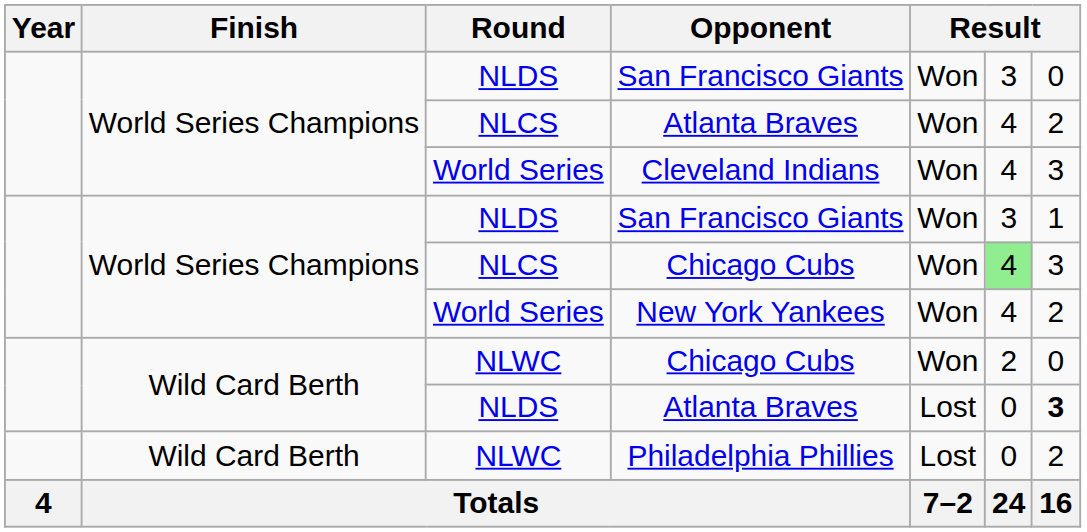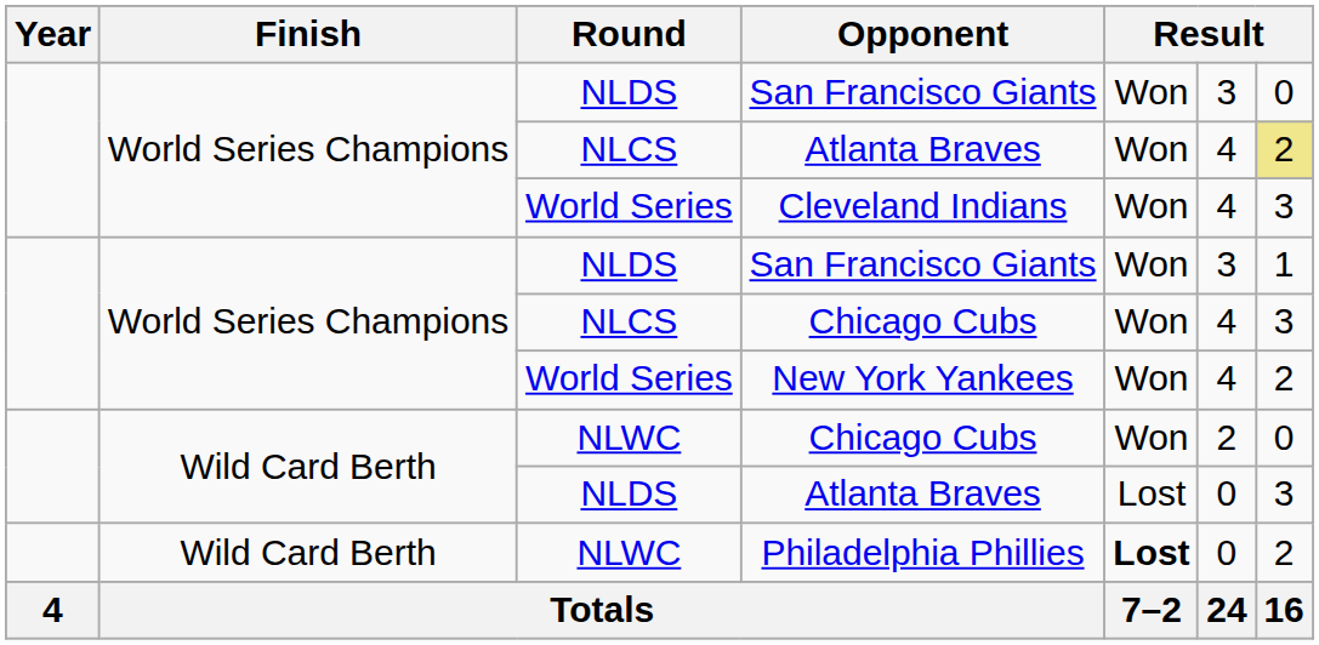 <table class="wikitable">
 <tr>
 <th colspan=1>Year</th>
 <th colspan=1>Finish</th>
 <th colspan=1>Round</th>
 <th colspan=1>Opponent</th>
 <th colspan=3>Result</th>
 </tr>
 <tr>
 <td align="center" rowspan="3"></td>
 <td align="center" rowspan="3">World Series Champions</td>
 <td align="center"><a href='#'>NLDS</a></td>
 <td align="center"><a href='#'>San Francisco Giants</a></td>
 <td align="center">Won</td>
 <td align="center">3</td>
 <td align="center">0</td>
 </tr>
 <tr>
 <td align="center"><a href='#'>NLCS</a></td>
 <td align="center"><a href='#'>Atlanta Braves</a></td>
 <td align="center">Won</td>
 <td align="center">4</td>
-<td align="center">2</td>
+<td align="center" style="background: khaki;">2</td>
 </tr>
 <tr>
 <td align="center"><a href='#'>World Series</a></td>
 <td align="center"><a href='#'>Cleveland Indians</a></td>
 <td align="center">Won</td>
 <td align="center">4</td>
 <td align="center">3</td>
 </tr>
 <tr>
 <td align="center" rowspan="3"></td>
 <td align="center" rowspan="3">World Series Champions</td>
 <td align="center"><a href='#'>NLDS</a></td>
 <td align="center"><a href='#'>San Francisco Giants</a></td>
 <td align="center">Won</td>
 <td align="center">3</td>
 <td align="center">1</td>
 </tr>
 <tr>
 <td align="center"><a href='#'>NLCS</a></td>
 <td align="center"><a href='#'>Chicago Cubs</a></td>
 <td align="center">Won</td>
-<td align="center" style="background: lightgreen;">4</td>
+<td align="center">4</td>
 <td align="center">3</td>
 </tr>
 <tr>
 <td align="center"><a href='#'>World Series</a></td>
 <td align="center"><a href='#'>New York Yankees</a></td>
 <td align="center">Won</td>
 <td align="center">4</td>
 <td align="center">2</td>
 </tr>
 <tr>
 <td align="center" rowspan="2"></td>
 <td align="center" rowspan="2">Wild Card Berth</td>
 <td align="center"><a href='#'>NLWC</a></td>
 <td align="center"><a href='#'>Chicago Cubs</a></td>
 <td align="center">Won</td>
 <td align="center">2</td>
 <td align="center">0</td>
 </tr>
 <tr>
 <td align="center"><a href='#'>NLDS</a></td>
 <td align="center"><a href='#'>Atlanta Braves</a></td>
 <td align="center">Lost</td>
 <td align="center">0</td>
-<td align="center"><strong>3</strong></td>
+<td align="center">3</td>
 </tr>
 <tr>
 <td align="center" rowspan="1"></td>
 <td align="center" rowspan="1">Wild Card Berth</td>
 <td align="center"><a href='#'>NLWC</a></td>
 <td align="center"><a href='#'>Philadelphia Phillies</a></td>
-<td align="center">Lost</td>
+<td align="center"><strong>Lost</strong></td>
 <td align="center">0</td>
 <td align="center">2</td>
 </tr>
 <tr>
 <th align="center">4</th>
 <th colspan="3">Totals</th>
 <th>7–2</th>
 <th>24</th>
 <th>16</th>
 </tr>
 </table>
